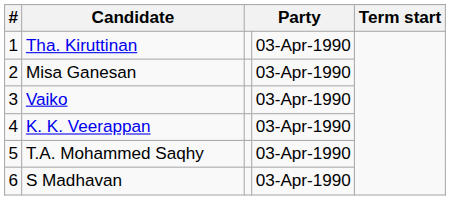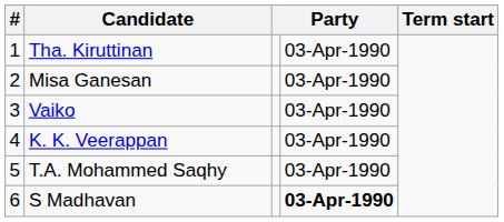 <table class="wikitable">
 <tr>
 <th>#</th>
 <th style="width:200px">Candidate</th>
 <th colspan="2">Party</th>
 <th>Term start</th>
 </tr>
 <tr>
 <td>1</td>
 <td><a href='#'>Tha. Kiruttinan</a></td>
 <td></td>
 <td>03-Apr-1990</td>
 </tr>
 <tr>
 <td>2</td>
 <td>Misa Ganesan</td>
 <td></td>
 <td>03-Apr-1990</td>
 </tr>
 <tr>
 <td>3</td>
 <td><a href='#'>Vaiko</a></td>
 <td></td>
 <td>03-Apr-1990</td>
 </tr>
 <tr>
 <td>4</td>
 <td><a href='#'>K. K. Veerappan</a></td>
 <td></td>
 <td>03-Apr-1990</td>
 </tr>
 <tr>
 <td>5</td>
 <td>T.A. Mohammed Saqhy</td>
 <td></td>
 <td>03-Apr-1990</td>
 </tr>
 <tr>
 <td>6</td>
 <td>S Madhavan</td>
 <td></td>
-<td>03-Apr-1990</td>
+<td><strong>03-Apr-1990</strong></td>
 </tr>
 </table>
